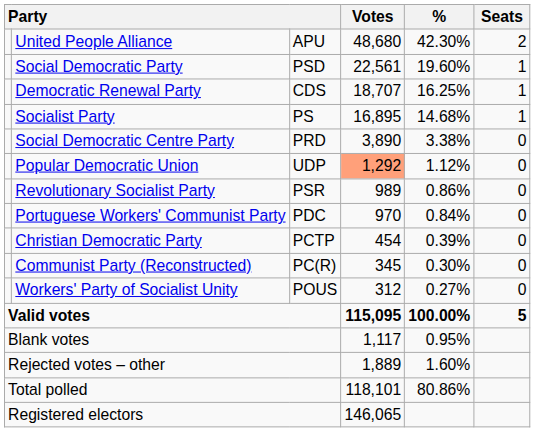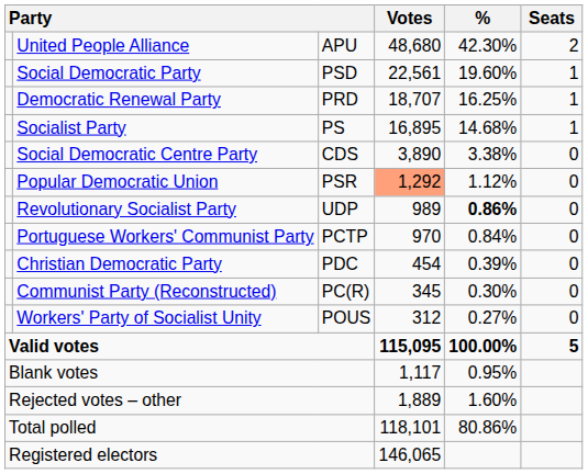 <table class="wikitable" border="1" style="text-align:right;">
 <tr>
 <th style="text-align:left;" colspan=3>Party</th>
 <th align=center width="50">Votes</th>
 <th align=center width="50">%</th>
 <th align=center width="50">Seats</th>
 </tr>
 <tr>
 <td></td>
 <td align=left><a href='#'>United People Alliance</a></td>
 <td align=left>APU</td>
 <td>48,680</td>
 <td>42.30%</td>
 <td>2</td>
 </tr>
 <tr>
 <td></td>
 <td align=left><a href='#'>Social Democratic Party</a></td>
 <td align=left>PSD</td>
 <td>22,561</td>
 <td>19.60%</td>
 <td>1</td>
 </tr>
 <tr>
 <td></td>
 <td align=left><a href='#'>Democratic Renewal Party</a></td>
-<td align=left>CDS</td>
+<td align=left>PRD</td>
 <td>18,707</td>
 <td>16.25%</td>
 <td>1</td>
 </tr>
 <tr>
 <td></td>
 <td align=left><a href='#'>Socialist Party</a></td>
 <td align=left>PS</td>
 <td>16,895</td>
 <td>14.68%</td>
 <td>1</td>
 </tr>
 <tr>
 <td></td>
 <td align=left style="white-space: nowrap;"><a href='#'>Social Democratic Centre Party</a></td>
-<td align=left>PRD</td>
+<td align=left>CDS</td>
 <td>3,890</td>
 <td>3.38%</td>
 <td>0</td>
 </tr>
 <tr>
 <td></td>
 <td align=left><a href='#'>Popular Democratic Union</a></td>
-<td align=left>UDP</td>
+<td align=left>PSR</td>
 <td style="background: lightsalmon;">1,292</td>
 <td>1.12%</td>
 <td>0</td>
 </tr>
 <tr>
 <td></td>
 <td align=left><a href='#'>Revolutionary Socialist Party</a></td>
-<td align=left>PSR</td>
+<td align=left>UDP</td>
 <td>989</td>
-<td>0.86%</td>
+<td><strong>0.86%</strong></td>
 <td>0</td>
 </tr>
 <tr>
 <td></td>
 <td align=left><a href='#'>Portuguese Workers' Communist Party</a></td>
-<td align=left>PDC</td>
+<td align=left>PCTP</td>
 <td>970</td>
 <td>0.84%</td>
 <td>0</td>
 </tr>
 <tr>
 <td></td>
 <td align=left style="white-space: nowrap;"><a href='#'>Christian Democratic Party</a></td>
-<td align=left>PCTP</td>
+<td align=left>PDC</td>
 <td>454</td>
 <td>0.39%</td>
 <td>0</td>
 </tr>
 <tr>
 <td></td>
 <td align=left><a href='#'>Communist Party (Reconstructed)</a></td>
 <td align=left>PC(R)</td>
 <td>345</td>
 <td>0.30%</td>
 <td>0</td>
 </tr>
 <tr>
 <td></td>
 <td align=left><a href='#'>Workers' Party of Socialist Unity</a></td>
 <td align=left>POUS</td>
 <td>312</td>
 <td>0.27%</td>
 <td>0</td>
 </tr>
 <tr style="font-weight:bold">
 <td align=left colspan=3>Valid votes</td>
 <td>115,095</td>
 <td>100.00%</td>
 <td>5</td>
 </tr>
 <tr>
 <td align=left colspan=3>Blank votes</td>
 <td>1,117</td>
 <td>0.95%</td>
 <td></td>
 </tr>
 <tr>
 <td align=left colspan=3>Rejected votes – other</td>
 <td>1,889</td>
 <td>1.60%</td>
 <td></td>
 </tr>
 <tr>
 <td align=left colspan=3>Total polled</td>
 <td>118,101</td>
 <td>80.86%</td>
 <td></td>
 </tr>
 <tr>
 <td align=left colspan=3>Registered electors</td>
 <td>146,065</td>
 <td></td>
 <td></td>
 </tr>
 </table>
